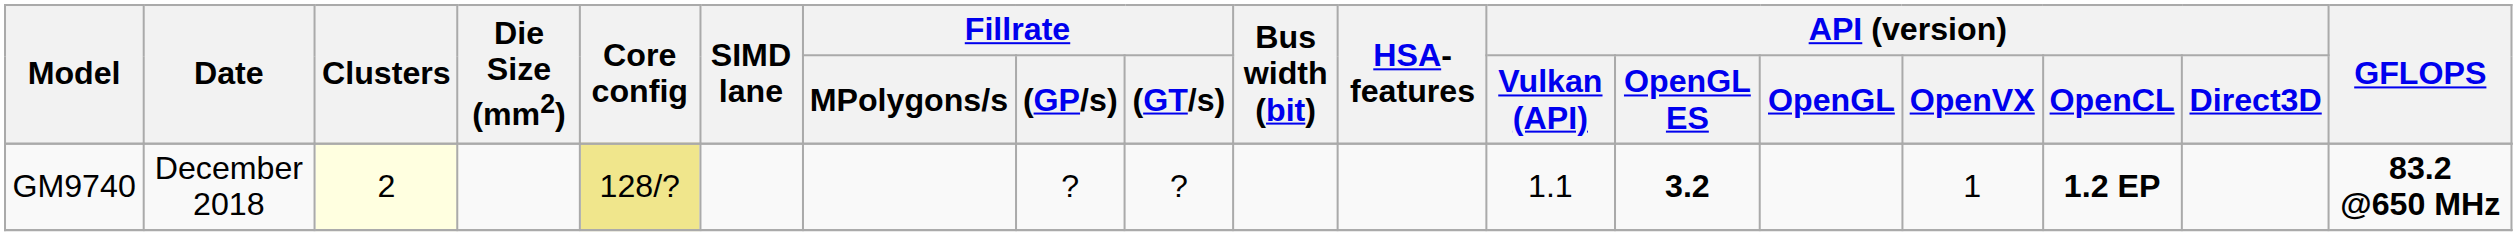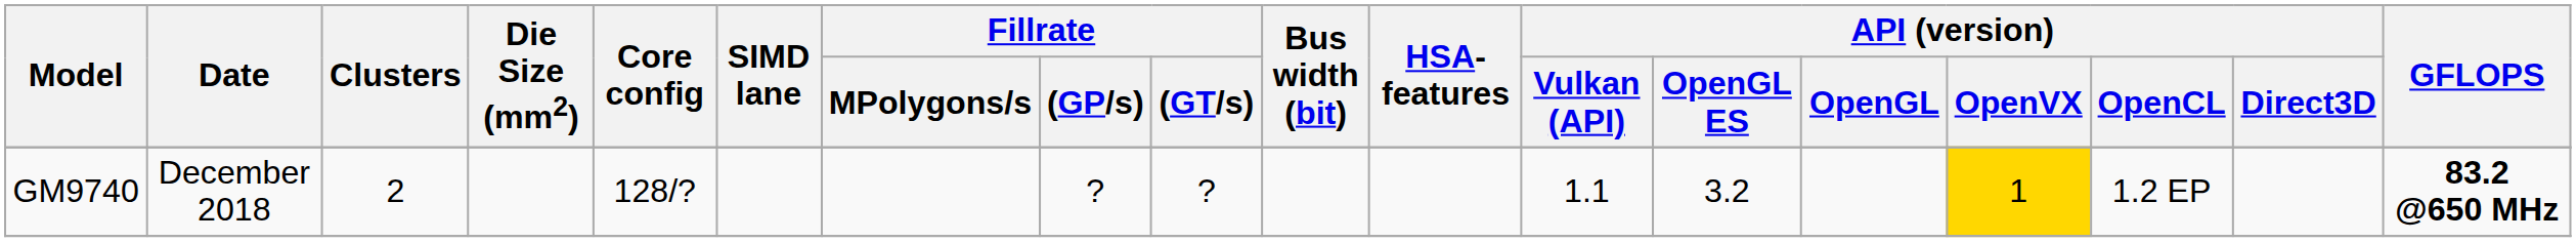 <table class="wikitable" style="text-align: center;">
 <tr>
 <th rowspan=2>Model</th>
 <th rowspan=2>Date</th>
 <th rowspan=2>Clusters</th>
 <th rowspan=2>Die Size (mm<sup>2</sup>)</th>
 <th rowspan=2>Core config</th>
 <th rowspan=2>SIMD lane</th>
 <th colspan=3><a href='#'>Fillrate</a></th>
 <th rowspan=2>Bus width<br>(<a href='#'>bit</a>)</th>
 <th rowspan=2><a href='#'>HSA</a>-features</th>
 <th colspan=6><a href='#'>API</a> (version)</th>
 <th rowspan="2"><a href='#'>GFLOPS</a></th>
 </tr>
 <tr>
 <th>MPolygons/s</th>
 <th>(<a href='#'>GP</a>/s)</th>
 <th>(<a href='#'>GT</a>/s)</th>
 <th><a href='#'>Vulkan (API)</a></th>
 <th><a href='#'>OpenGL ES</a></th>
 <th><a href='#'>OpenGL</a></th>
 <th><a href='#'>OpenVX</a></th>
 <th><a href='#'>OpenCL</a></th>
 <th><a href='#'>Direct3D</a></th>
 </tr>
 <tr>
 </tr>
 <tr>
 <td>GM9740</td>
 <td>December 2018</td>
-<td style="background: lightyellow;">2</td>
+<td>2</td>
 <td></td>
-<td style="background: khaki;">128/?</td>
+<td>128/?</td>
 <td></td>
 <td></td>
 <td>?</td>
 <td>?</td>
 <td></td>
 <td></td>
 <td>1.1</td>
-<td><strong>3.2</strong></td>
+<td>3.2</td>
 <td></td>
-<td>1</td>
-<td><strong>1.2 EP</strong></td>
+<td style="background: gold;">1</td>
+<td>1.2 EP</td>
 <td></td>
 <td><strong>83.2 @650 MHz</strong></td>
 </tr>
 <tr>
 </tr>
 </table>
